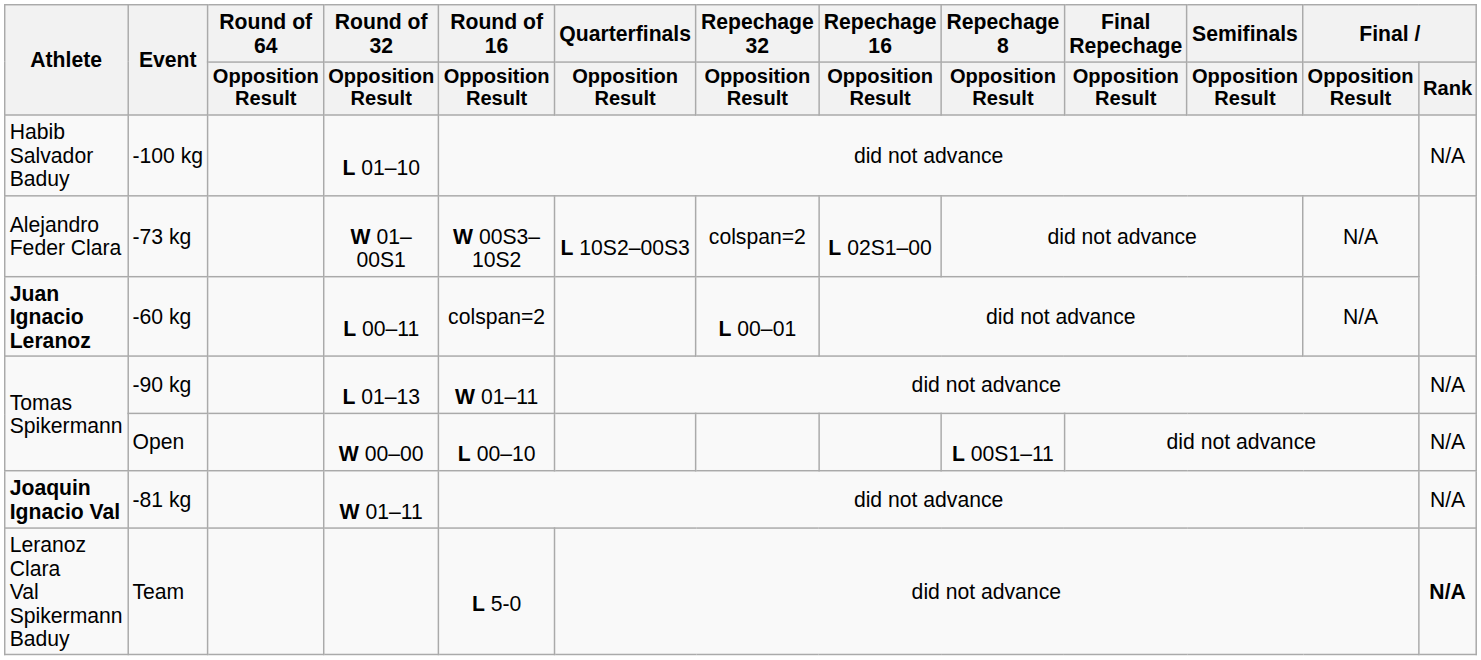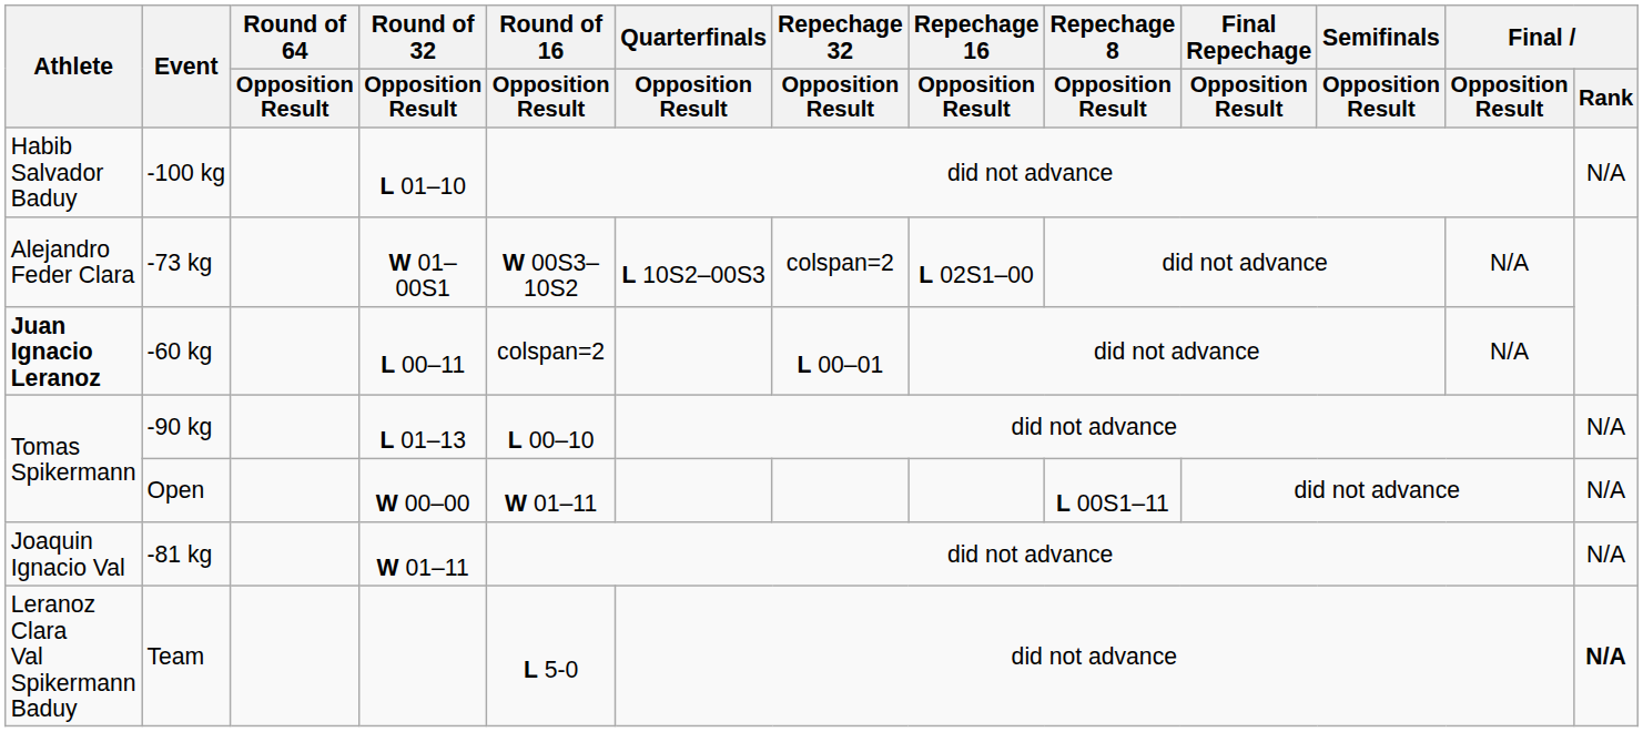 <table class="wikitable" style="font-size:90%">
 <tr>
 <th rowspan="2">Athlete</th>
 <th rowspan="2">Event</th>
 <th>Round of 64</th>
 <th>Round of 32</th>
 <th>Round of 16</th>
 <th>Quarterfinals</th>
 <th>Repechage 32</th>
 <th>Repechage 16</th>
 <th>Repechage 8</th>
 <th>Final Repechage</th>
 <th>Semifinals</th>
 <th colspan=2>Final / </th>
 </tr>
 <tr style="font-size:95%">
 <th>Opposition<br>Result</th>
 <th>Opposition<br>Result</th>
 <th>Opposition<br>Result</th>
 <th>Opposition<br>Result</th>
 <th>Opposition<br>Result</th>
 <th>Opposition<br>Result</th>
 <th>Opposition<br>Result</th>
 <th>Opposition<br>Result</th>
 <th>Opposition<br>Result</th>
 <th>Opposition<br>Result</th>
 <th>Rank</th>
 </tr>
 <tr align=center>
 <td align=left>Habib Salvador Baduy</td>
 <td align=left>-100 kg</td>
 <td></td>
 <td><br><strong>L</strong> 01–10</td>
 <td colspan=8>did not advance</td>
 <td>N/A</td>
 </tr>
 <tr align=center>
 <td align=left>Alejandro Feder Clara</td>
 <td align=left>-73 kg</td>
 <td></td>
 <td><br><strong>W</strong> 01–00S1</td>
 <td><br><strong>W</strong> 00S3–10S2</td>
 <td><br><strong>L</strong> 10S2–00S3</td>
 <td>colspan=2 </td>
 <td><br><strong>L</strong> 02S1–00</td>
 <td colspan=3>did not advance</td>
 <td>N/A</td>
 </tr>
 <tr align=center>
 <td align=left><strong>Juan Ignacio Leranoz</strong></td>
 <td align=left>-60 kg</td>
 <td></td>
 <td><br><strong>L</strong> 00–11</td>
 <td>colspan=2 </td>
 <td></td>
 <td><br><strong>L</strong> 00–01</td>
 <td colspan=4>did not advance</td>
 <td>N/A</td>
 </tr>
 <tr align=center>
 <td align=left rowspan=2>Tomas Spikermann</td>
 <td align=left>-90 kg</td>
 <td></td>
 <td><br><strong>L</strong> 01–13</td>
-<td><br><strong>W</strong> 01–11</td>
+<td><br><strong>L</strong> 00–10</td>
 <td colspan=7>did not advance</td>
 <td>N/A</td>
 </tr>
 <tr align=center>
 <td align=left>Open</td>
 <td></td>
 <td><br><strong>W</strong> 00–00</td>
-<td><br><strong>L</strong> 00–10</td>
+<td><br><strong>W</strong> 01–11</td>
 <td></td>
 <td></td>
 <td></td>
 <td><br><strong>L</strong> 00S1–11</td>
 <td colspan=3>did not advance</td>
 <td>N/A</td>
 </tr>
 <tr align=center>
-<td align=left><strong>Joaquin Ignacio Val</strong></td>
+<td align=left>Joaquin Ignacio Val</td>
 <td align=left>-81 kg</td>
 <td></td>
 <td><br><strong>W</strong> 01–11</td>
 <td colspan=8>did not advance</td>
 <td>N/A</td>
 </tr>
 <tr align=center>
 <td align=left>Leranoz<br>Clara<br>Val<br>Spikermann<br>Baduy</td>
 <td align=left>Team</td>
 <td></td>
 <td></td>
 <td><br><strong>L</strong> 5-0</td>
 <td colspan=7>did not advance</td>
 <td><strong>N/A</strong></td>
 </tr>
 </table>
